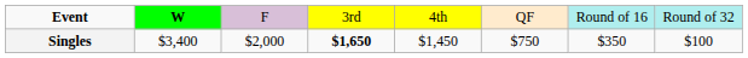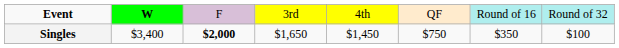 <table class=wikitable style=font-size:95%;text-align:center>
 <tr>
 <td style="width:130px"><strong>Event</strong></td>
 <td style="width:85px; background:lime"><strong>W</strong></td>
 <td style="width:85px; background:thistle">F</td>
 <td style="width:85px; background:#ffff00">3rd</td>
 <td style="width:85px; background:#ffff00">4th</td>
 <td style="width:85px; background:#ffebcd">QF</td>
 <td style="width:85px; background:#afeeee">Round of 16</td>
 <td style="width:85px; background:#afeeee">Round of 32</td>
 </tr>
 <tr>
 <th style=background:#f3f3f3>Singles </th>
 <td>$3,400</td>
-<td>$2,000</td>
-<td><strong>$1,650</strong></td>
+<td><strong>$2,000</strong></td>
+<td>$1,650</td>
 <td>$1,450</td>
 <td>$750</td>
 <td>$350</td>
 <td>$100</td>
 </tr>
 </table>
